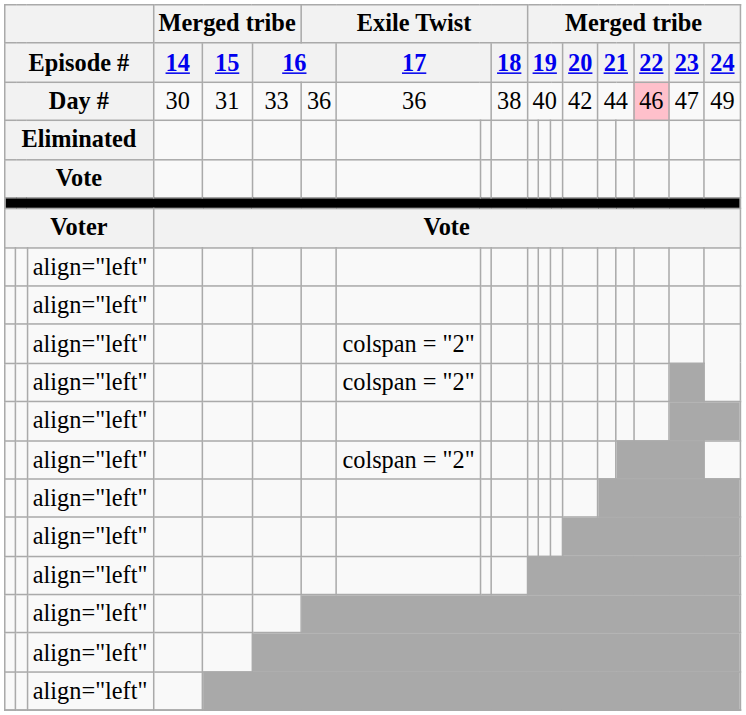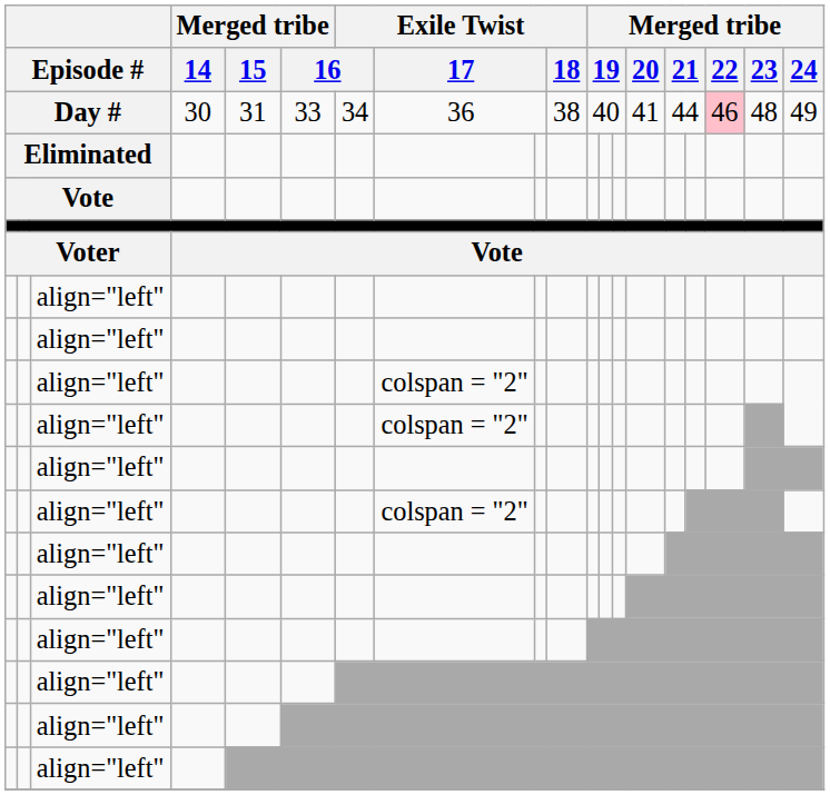 <table class="wikitable nowrap" style="text-align:center;">
 <tr>
 <th colspan="3"></th>
 <th colspan=3>Merged tribe</th>
 <th colspan=4>Exile Twist</th>
 <th colspan=9>Merged tribe</th>
 </tr>
 <tr>
 <th colspan=3>Episode #</th>
 <th><a href='#'>14</a></th>
 <th><a href='#'>15</a></th>
 <th colspan=2><a href='#'>16</a></th>
 <th colspan=2><a href='#'>17</a></th>
 <th><a href='#'>18</a></th>
 <th colspan=3><a href='#'>19</a></th>
 <th><a href='#'>20</a></th>
 <th colspan=2><a href='#'>21</a></th>
 <th><a href='#'>22</a></th>
 <th><a href='#'>23</a></th>
 <th><a href='#'>24</a></th>
 </tr>
 <tr>
 <th colspan="3">Day #</th>
 <td>30</td>
 <td>31</td>
 <td>33</td>
-<td>36</td>
+<td>34</td>
 <td colspan=2>36</td>
 <td>38</td>
 <td colspan=3>40</td>
-<td>42</td>
+<td>41</td>
 <td colspan=2>44</td>
 <td style="background: pink;">46</td>
-<td>47</td>
+<td>48</td>
 <td>49</td>
 </tr>
 <tr>
 <th colspan="3">Eliminated</th>
 <td></td>
 <td></td>
 <td></td>
 <td></td>
 <td></td>
 <td></td>
 <td></td>
 <td></td>
 <td></td>
 <td></td>
 <td></td>
 <td></td>
 <td></td>
 <td></td>
 <td></td>
 <td></td>
 </tr>
 <tr>
 <th colspan="3">Vote</th>
 <td></td>
 <td></td>
 <td></td>
 <td></td>
 <td></td>
 <td></td>
 <td></td>
 <td></td>
 <td></td>
 <td></td>
 <td></td>
 <td></td>
 <td></td>
 <td></td>
 <td></td>
 <td></td>
 </tr>
 <tr>
 <td colspan="19" bgcolor="black"></td>
 </tr>
 <tr>
 <th colspan="3">Voter</th>
 <th colspan="16" align="center">Vote</th>
 </tr>
 <tr>
 <td></td>
 <td></td>
 <td>align="left" </td>
 <td></td>
 <td></td>
 <td></td>
 <td></td>
 <td></td>
 <td></td>
 <td></td>
 <td></td>
 <td></td>
 <td></td>
 <td></td>
 <td></td>
 <td></td>
 <td></td>
 <td></td>
 <td></td>
 </tr>
 <tr>
 <td></td>
 <td></td>
 <td>align="left" </td>
 <td></td>
 <td></td>
 <td></td>
 <td></td>
 <td></td>
 <td></td>
 <td></td>
 <td></td>
 <td></td>
 <td></td>
 <td></td>
 <td></td>
 <td></td>
 <td></td>
 <td></td>
 <td></td>
 </tr>
 <tr>
 <td></td>
 <td></td>
 <td>align="left" </td>
 <td></td>
 <td></td>
 <td></td>
 <td></td>
 <td>colspan = "2" </td>
 <td></td>
 <td></td>
 <td></td>
 <td></td>
 <td></td>
 <td></td>
 <td></td>
 <td></td>
 <td></td>
 <td></td>
 </tr>
 <tr>
 <td></td>
 <td></td>
 <td>align="left" </td>
 <td></td>
 <td></td>
 <td></td>
 <td></td>
 <td>colspan = "2" </td>
 <td></td>
 <td></td>
 <td></td>
 <td></td>
 <td></td>
 <td></td>
 <td></td>
 <td></td>
 <td></td>
 <td colspan="1" bgcolor="darkgrey"></td>
 </tr>
 <tr>
 <td></td>
 <td></td>
 <td>align="left" </td>
 <td></td>
 <td></td>
 <td></td>
 <td></td>
 <td></td>
 <td></td>
 <td></td>
 <td></td>
 <td></td>
 <td></td>
 <td></td>
 <td></td>
 <td></td>
 <td></td>
 <td colspan="2" bgcolor="darkgrey"></td>
 </tr>
 <tr>
 <td></td>
 <td></td>
 <td>align="left" </td>
 <td></td>
 <td></td>
 <td></td>
 <td></td>
 <td>colspan = "2" </td>
 <td></td>
 <td></td>
 <td></td>
 <td></td>
 <td></td>
 <td></td>
 <td></td>
 <td colspan="3" bgcolor="darkgrey"></td>
 </tr>
 <tr>
 <td></td>
 <td></td>
 <td>align="left" </td>
 <td></td>
 <td></td>
 <td></td>
 <td></td>
 <td></td>
 <td></td>
 <td></td>
 <td></td>
 <td></td>
 <td></td>
 <td></td>
 <td colspan="5" bgcolor="darkgrey"></td>
 </tr>
 <tr>
 <td></td>
 <td></td>
 <td>align="left" </td>
 <td></td>
 <td></td>
 <td></td>
 <td></td>
 <td></td>
 <td></td>
 <td></td>
 <td></td>
 <td></td>
 <td></td>
 <td colspan="6" bgcolor="darkgrey"></td>
 </tr>
 <tr>
 <td></td>
 <td></td>
 <td>align="left" </td>
 <td></td>
 <td></td>
 <td></td>
 <td></td>
 <td></td>
 <td></td>
 <td></td>
 <td colspan="9" bgcolor="darkgrey"></td>
 </tr>
 <tr>
 <td></td>
 <td></td>
 <td>align="left" </td>
 <td></td>
 <td></td>
 <td></td>
 <td colspan="13" bgcolor="darkgrey"></td>
 </tr>
 <tr>
 <td></td>
 <td></td>
 <td>align="left" </td>
 <td></td>
 <td></td>
 <td colspan="14" bgcolor="darkgrey"></td>
 </tr>
 <tr>
 <td></td>
 <td></td>
 <td>align="left" </td>
 <td></td>
 <td colspan="15" bgcolor="darkgrey"></td>
 </tr>
 <tr>
 </tr>
 </table>
